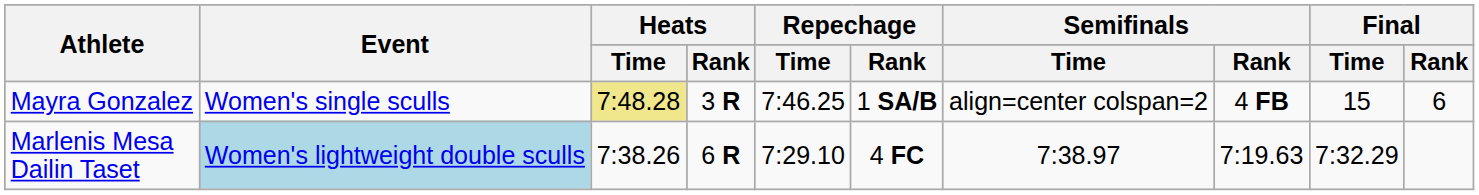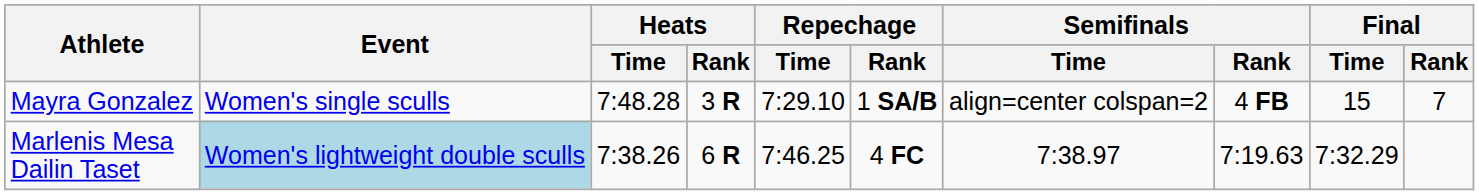 <table class="wikitable" style="font-size:90%;">
 <tr>
 <th rowspan="2">Athlete</th>
 <th rowspan="2">Event</th>
 <th colspan="2">Heats</th>
 <th colspan="2">Repechage</th>
 <th colspan="2">Semifinals</th>
 <th colspan="2">Final</th>
 </tr>
 <tr style="font-size:95%">
 <th>Time</th>
 <th>Rank</th>
 <th>Time</th>
 <th>Rank</th>
 <th>Time</th>
 <th>Rank</th>
 <th>Time</th>
 <th>Rank</th>
 </tr>
 <tr>
 <td align=left><a href='#'>Mayra Gonzalez</a></td>
 <td align=left><a href='#'>Women's single sculls</a></td>
-<td align=center style="background: khaki;">7:48.28</td>
+<td align=center>7:48.28</td>
 <td align=center>3 <strong>R</strong></td>
-<td align=center>7:46.25</td>
+<td align=center>7:29.10</td>
 <td align=center>1 <strong>SA/B</strong></td>
 <td>align=center colspan=2 </td>
 <td align=center>4 <strong>FB</strong></td>
 <td align=center>15</td>
-<td align=center>6</td>
+<td align=center>7</td>
 </tr>
 <tr>
 <td align=left><a href='#'>Marlenis Mesa</a><br> <a href='#'>Dailin Taset</a></td>
 <td align=left style="background: lightblue;"><a href='#'>Women's lightweight double sculls</a></td>
 <td align=center>7:38.26</td>
 <td align=center>6 <strong>R</strong></td>
-<td align=center>7:29.10</td>
+<td align=center>7:46.25</td>
 <td align=center>4 <strong>FC</strong></td>
 <td align=center>7:38.97</td>
 <td align=center>7:19.63</td>
 <td align=center>7:32.29</td>
 </tr>
 </table>
